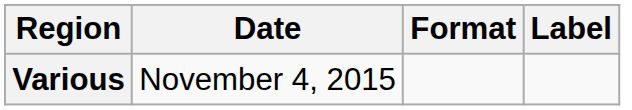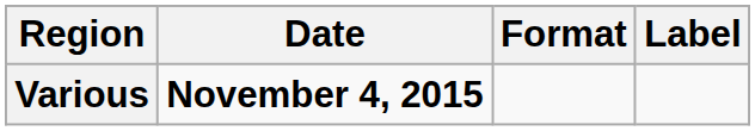 <table class="wikitable plainrowheaders">
 <tr>
 <th scope="col">Region</th>
 <th scope="col">Date</th>
 <th scope="col">Format</th>
 <th scope="col">Label</th>
 </tr>
 <tr>
 <th rowspan="1" scope="row">Various</th>
-<td>November 4, 2015</td>
+<td><strong>November 4, 2015</strong></td>
 <td rowspan="2"></td>
 <td rowspan="2" scope="row"></td>
 </tr>
 </table>
